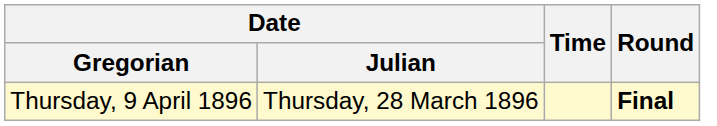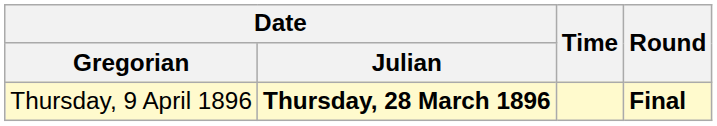 <table class="wikitable">
 <tr>
 <th colspan=2>Date</th>
 <th rowspan=2>Time</th>
 <th rowspan=2>Round</th>
 </tr>
 <tr>
 <th>Gregorian</th>
 <th>Julian</th>
 </tr>
 <tr style=background:lemonchiffon>
 <td>Thursday, 9 April 1896</td>
-<td>Thursday, 28 March 1896</td>
+<td><strong>Thursday, 28 March 1896</strong></td>
 <td></td>
 <td><strong>Final</strong></td>
 </tr>
 </table>
